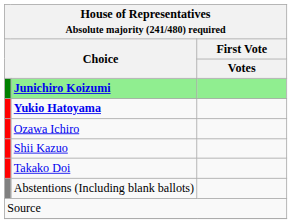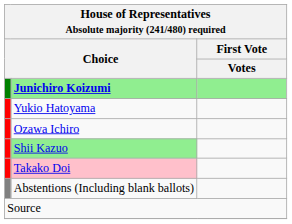 <table class="wikitable" style="font-size:90%;">
 <tr>
 <th colspan="4">House of Representatives <br><small>Absolute majority (241/480) required</small></th>
 </tr>
 <tr>
 <th align="left" rowspan="2" colspan="2" width="100">Choice</th>
 <th colspan="2">First Vote</th>
 </tr>
 <tr>
 <th width="100">Votes</th>
 </tr>
 <tr style="background:lightgreen;">
 <td width="1" bgcolor="green"></td>
 <td align="left"><strong><a href='#'>Junichiro Koizumi</a></strong></td>
 <td></td>
 </tr>
 <tr>
 <td bgcolor="red"></td>
-<td align="left"><strong><a href='#'>Yukio Hatoyama</a></strong></td>
+<td align="left"><a href='#'>Yukio Hatoyama</a></td>
 <td></td>
 </tr>
 <tr>
 <td bgcolor="red"></td>
 <td align="left"><a href='#'>Ozawa Ichiro</a></td>
 <td></td>
 </tr>
 <tr>
 <td bgcolor="red"></td>
-<td align="left"><a href='#'>Shii Kazuo</a></td>
+<td align="left" style="background: lightgreen;"><a href='#'>Shii Kazuo</a></td>
 <td></td>
 </tr>
 <tr>
 <td bgcolor="red"></td>
-<td align="left"><a href='#'>Takako Doi</a></td>
+<td align="left" style="background: pink;"><a href='#'>Takako Doi</a></td>
 <td></td>
 </tr>
 <tr>
 <td bgcolor="gray"></td>
 <td align="left">Abstentions (Including blank ballots)</td>
 <td></td>
 </tr>
 <tr>
 <td colspan=3>Source </td>
 </tr>
 <tr>
 </tr>
 </table>
